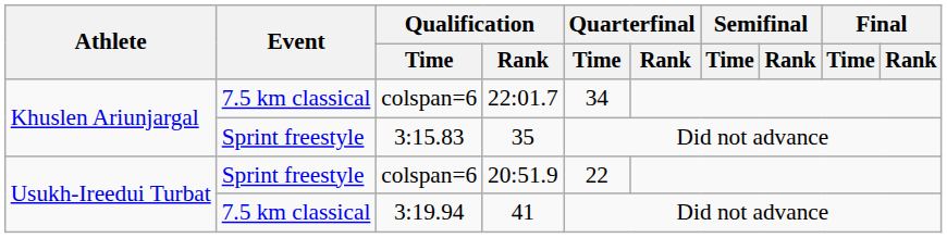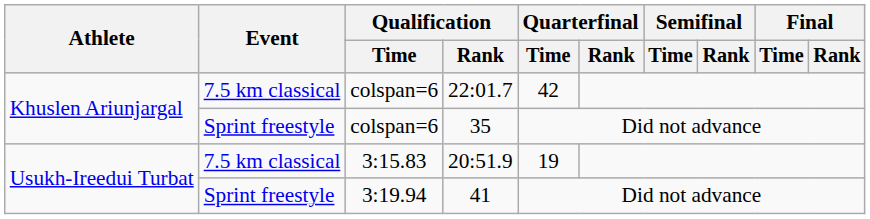 <table class="wikitable" style="font-size:90%">
 <tr>
 <th rowspan="2">Athlete</th>
 <th rowspan="2">Event</th>
 <th colspan="2">Qualification</th>
 <th colspan="2">Quarterfinal</th>
 <th colspan="2">Semifinal</th>
 <th colspan="2">Final</th>
 </tr>
 <tr style="font-size:95%">
 <th>Time</th>
 <th>Rank</th>
 <th>Time</th>
 <th>Rank</th>
 <th>Time</th>
 <th>Rank</th>
 <th>Time</th>
 <th>Rank</th>
 </tr>
 <tr align=center>
 <td align=left rowspan=2><a href='#'>Khuslen Ariunjargal</a></td>
 <td align=left><a href='#'>7.5 km classical</a></td>
 <td>colspan=6</td>
 <td>22:01.7</td>
-<td>34</td>
+<td>42</td>
 </tr>
 <tr align=center>
 <td align=left><a href='#'>Sprint freestyle</a></td>
-<td>3:15.83</td>
+<td>colspan=6</td>
 <td>35</td>
 <td colspan=6>Did not advance</td>
 </tr>
 <tr align=center>
 <td align=left rowspan=2><a href='#'>Usukh-Ireedui Turbat</a></td>
-<td align=left><a href='#'>Sprint freestyle</a></td>
-<td>colspan=6</td>
+<td align=left><a href='#'>7.5 km classical</a></td>
+<td>3:15.83</td>
 <td>20:51.9</td>
-<td>22</td>
+<td>19</td>
 </tr>
 <tr align=center>
-<td align=left><a href='#'>7.5 km classical</a></td>
+<td align=left><a href='#'>Sprint freestyle</a></td>
 <td>3:19.94</td>
 <td>41</td>
 <td colspan=6>Did not advance</td>
 </tr>
 </table>
